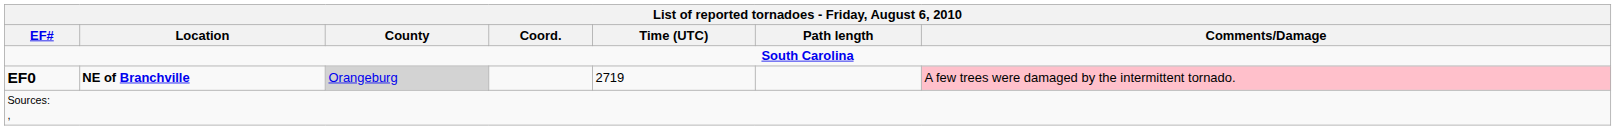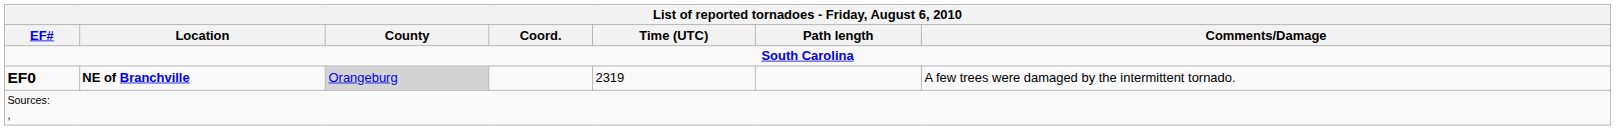 <table class="wikitable collapsible" width="100%">
 <tr>
 <th colspan="7">List of reported tornadoes - Friday, August 6, 2010</th>
 </tr>
 <tr>
 <th><a href='#'>EF#</a></th>
 <th>Location</th>
 <th>County</th>
 <th>Coord.</th>
 <th>Time (UTC)</th>
 <th>Path length</th>
 <th>Comments/Damage</th>
 </tr>
 <tr>
 <td colspan="7" align=center><strong><a href='#'>South Carolina</a></strong></td>
 </tr>
 <tr>
 <td><big><strong>EF0</strong></big></td>
 <td><strong>NE of <a href='#'>Branchville</a></strong></td>
 <td style="background: lightgrey;"><a href='#'>Orangeburg</a></td>
 <td></td>
-<td>2719</td>
+<td>2319</td>
 <td></td>
-<td style="background: pink;">A few trees were damaged by the intermittent tornado.</td>
+<td>A few trees were damaged by the intermittent tornado.</td>
 </tr>
 <tr>
 <td colspan="7"><small>Sources:<br>, </small></td>
 </tr>
 </table>
